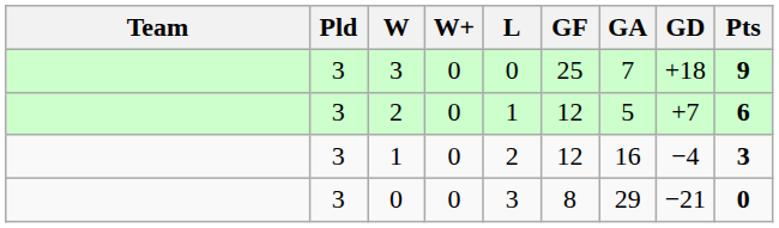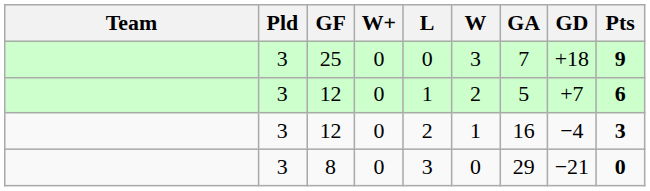 <table class="wikitable" style="text-align: center; font-size:90% ">
 <tr>
 <th width=160>Team</th>
 <th width=25>Pld</th>
-<th width=25>W</th>
+<th width=25>GF</th>
 <th width=25>W+</th>
 <th width=25>L</th>
-<th width=25>GF</th>
+<th width=25>W</th>
 <th width=25>GA</th>
 <th width=25>GD</th>
 <th width=25>Pts</th>
 </tr>
 <tr bgcolor="ccffcc">
 <td align=left></td>
 <td>3</td>
-<td>3</td>
+<td>25</td>
 <td>0</td>
 <td>0</td>
-<td>25</td>
+<td>3</td>
 <td>7</td>
 <td>+18</td>
 <td><strong>9</strong></td>
 </tr>
 <tr bgcolor="ccffcc">
 <td align=left></td>
 <td>3</td>
-<td>2</td>
+<td>12</td>
 <td>0</td>
 <td>1</td>
-<td>12</td>
+<td>2</td>
 <td>5</td>
 <td>+7</td>
 <td><strong>6</strong></td>
 </tr>
 <tr>
 <td align=left></td>
 <td>3</td>
-<td>1</td>
+<td>12</td>
 <td>0</td>
 <td>2</td>
-<td>12</td>
+<td>1</td>
 <td>16</td>
 <td>−4</td>
 <td><strong>3</strong></td>
 </tr>
 <tr>
 <td align=left></td>
 <td>3</td>
-<td>0</td>
+<td>8</td>
 <td>0</td>
 <td>3</td>
-<td>8</td>
+<td>0</td>
 <td>29</td>
 <td>−21</td>
 <td><strong>0</strong></td>
 </tr>
 </table>
